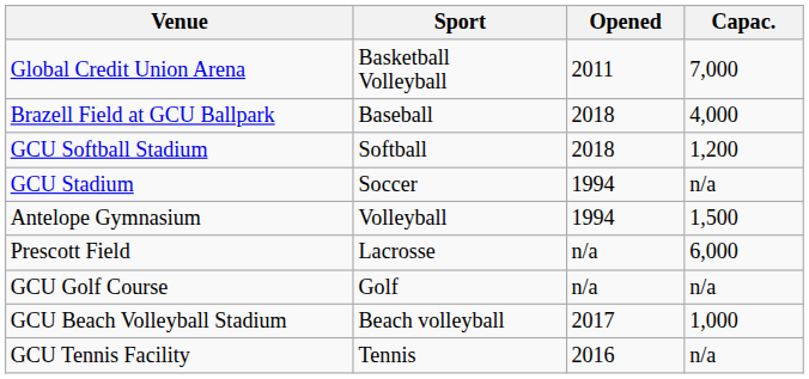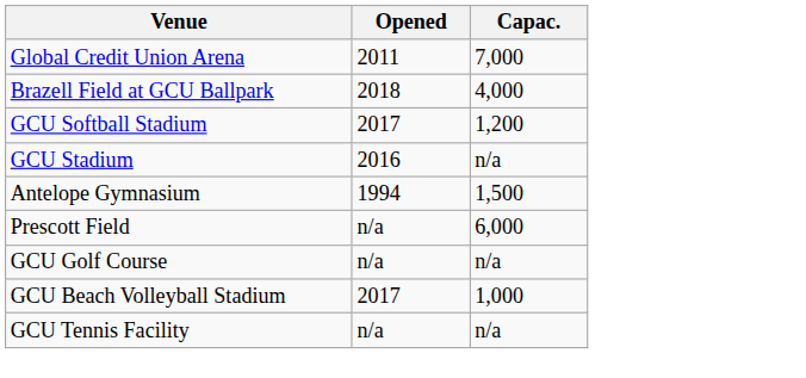 <table class="wikitable"; style= "text-align: ">
 <tr>
 <th width=250px>Venue</th>
-<th width=150px>Sport</th>
 <th width=80px>Opened</th>
 <th width=80px>Capac.</th>
 </tr>
 <tr>
 <td><a href='#'>Global Credit Union Arena</a></td>
-<td>Basketball <br> Volleyball</td>
 <td>2011</td>
 <td>7,000</td>
 </tr>
 <tr>
 <td><a href='#'>Brazell Field at GCU Ballpark</a></td>
-<td>Baseball</td>
 <td>2018</td>
 <td>4,000</td>
 </tr>
 <tr>
 <td><a href='#'>GCU Softball Stadium</a></td>
-<td>Softball</td>
-<td>2018</td>
+<td>2017</td>
 <td>1,200</td>
 </tr>
 <tr>
 <td><a href='#'>GCU Stadium</a></td>
-<td>Soccer</td>
-<td>1994</td>
+<td>2016</td>
 <td>n/a</td>
 </tr>
 <tr>
 <td>Antelope Gymnasium</td>
-<td>Volleyball </td>
 <td>1994</td>
 <td>1,500</td>
 </tr>
 <tr>
 <td>Prescott Field</td>
-<td>Lacrosse</td>
 <td>n/a</td>
 <td>6,000</td>
 </tr>
 <tr>
 <td>GCU Golf Course</td>
-<td>Golf</td>
 <td>n/a</td>
 <td>n/a</td>
 </tr>
 <tr>
 <td>GCU Beach Volleyball Stadium</td>
-<td>Beach volleyball</td>
 <td>2017</td>
 <td>1,000</td>
 </tr>
 <tr>
 <td>GCU Tennis Facility </td>
-<td>Tennis</td>
-<td>2016</td>
+<td>n/a</td>
 <td>n/a</td>
 </tr>
 </table>
